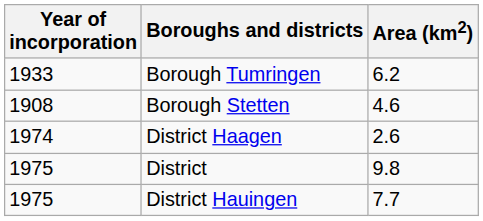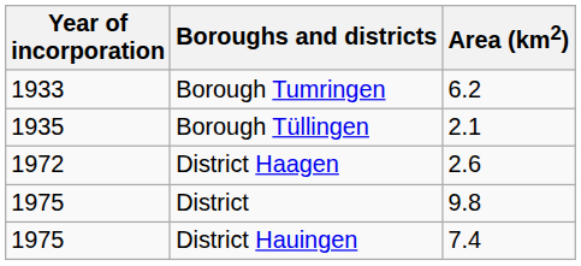 <table class="wikitable |">
 <tr>
 <th>Year of <br> incorporation <br></th>
 <th>Boroughs and districts</th>
 <th>Area (km<sup>2</sup>)</th>
 </tr>
 <tr>
 <td>1933</td>
 <td>Borough <a href='#'>Tumringen</a></td>
 <td>6.2</td>
 </tr>
 <tr>
-<td>1908</td>
-<td>Borough <a href='#'>Stetten</a></td>
-<td>4.6</td>
+<td>1935</td>
+<td>Borough <a href='#'>Tüllingen</a></td>
+<td>2.1</td>
 </tr>
 <tr>
-<td>1974</td>
+<td>1972</td>
 <td>District <a href='#'>Haagen</a></td>
 <td>2.6</td>
 </tr>
 <tr>
 <td>1975</td>
 <td>District </td>
 <td>9.8</td>
 </tr>
 <tr>
 <td>1975</td>
 <td>District <a href='#'>Hauingen</a></td>
-<td>7.7</td>
+<td>7.4</td>
 </tr>
 </table>
